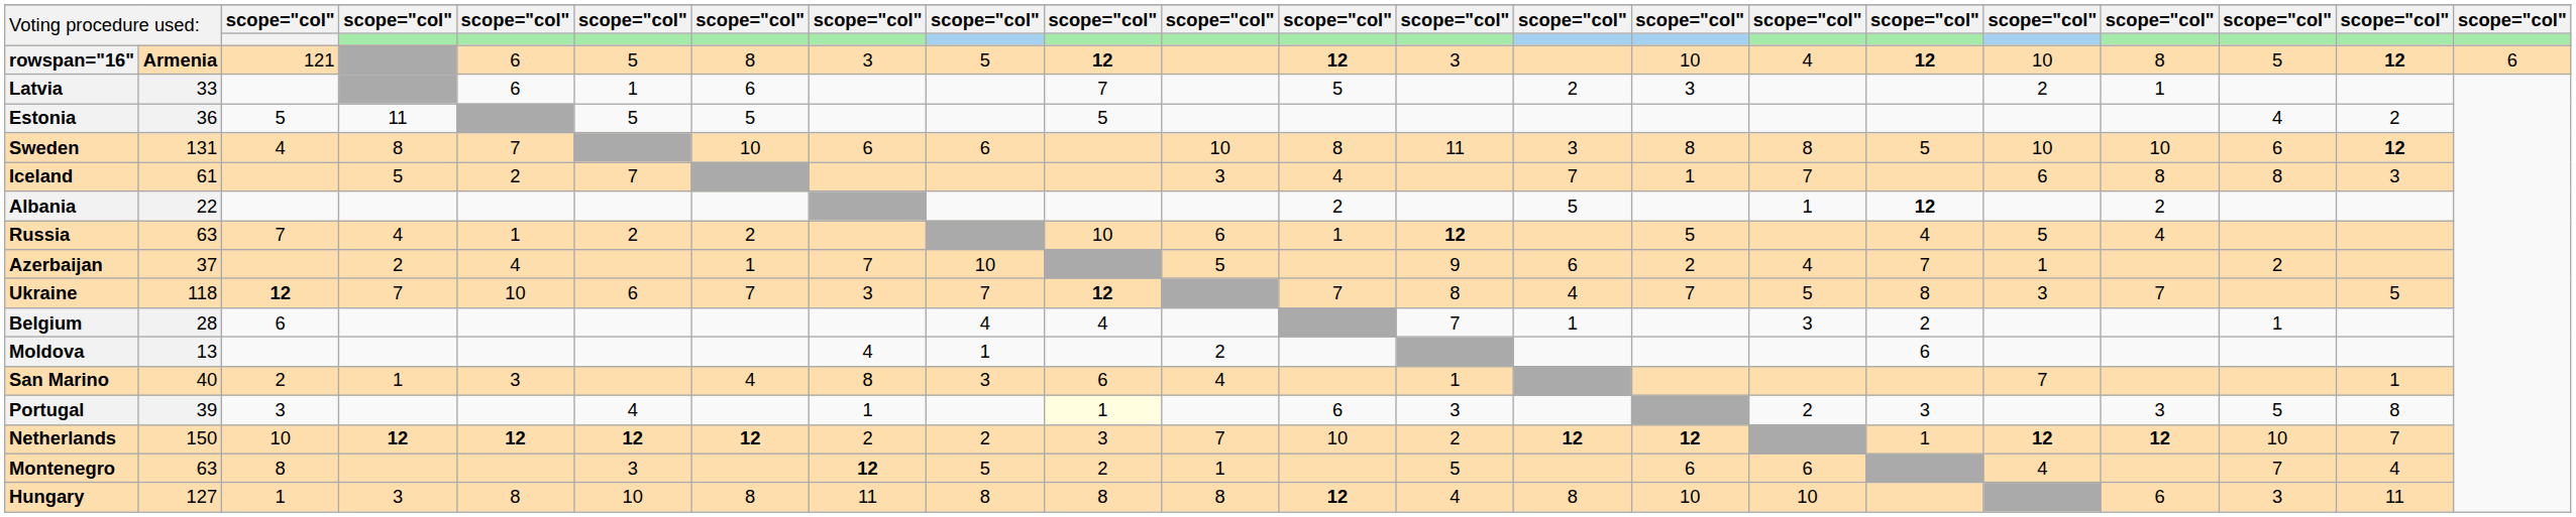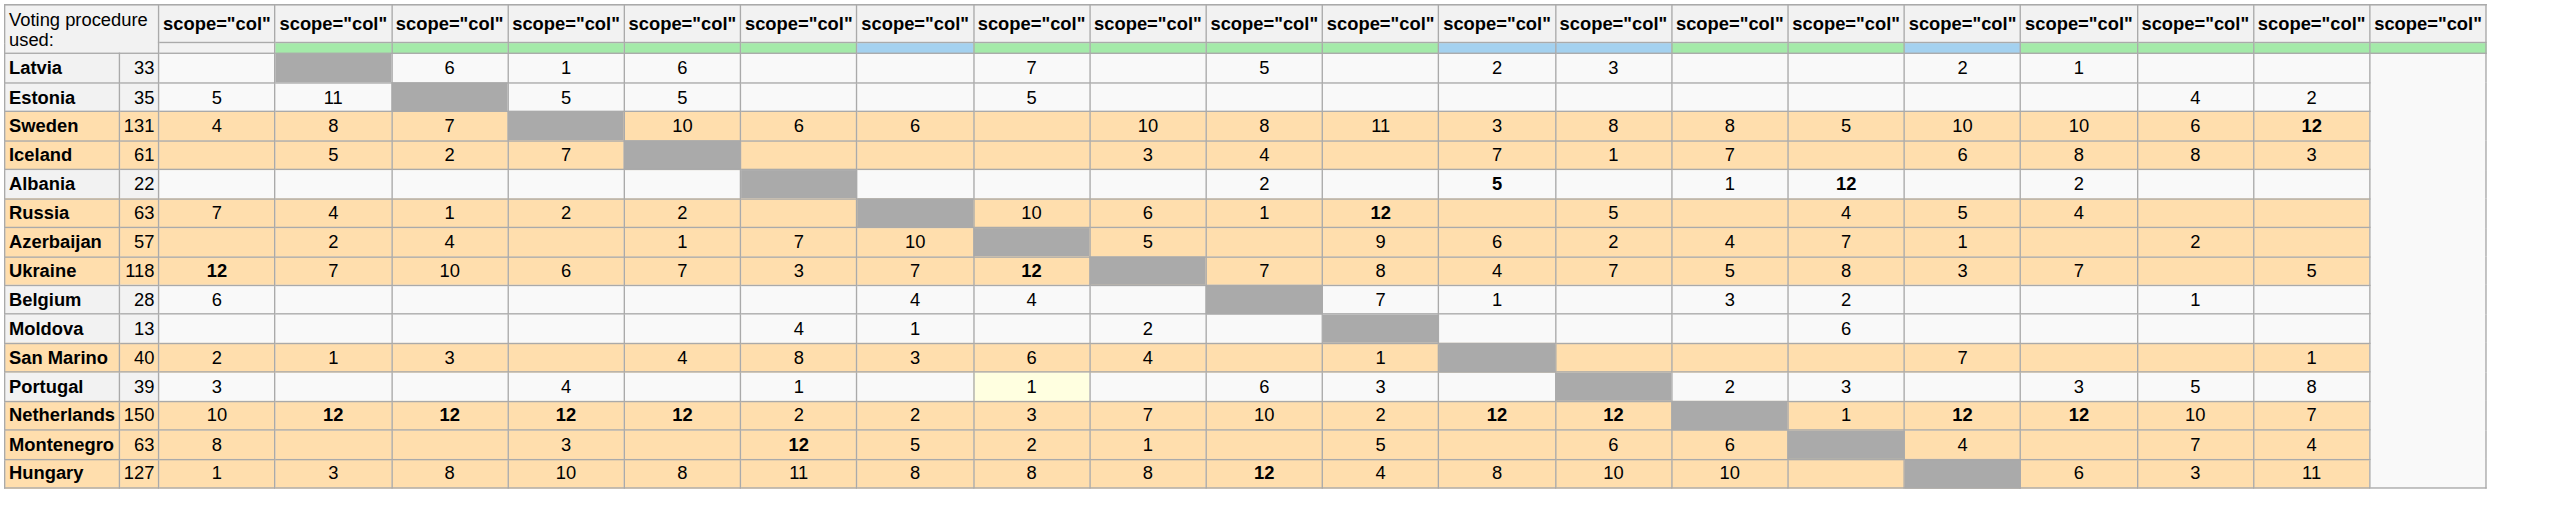 <table class="wikitable plainrowheaders" style="text-align:center; font-size:85%;">
 <tr>
 </tr>
 <tr>
 <td colspan="2" rowspan="2" style="text-align:left; background:#F2F2F2">Voting procedure used:<br></td>
 <th>scope="col" </th>
 <th>scope="col" </th>
 <th>scope="col" </th>
 <th>scope="col" </th>
 <th>scope="col" </th>
 <th>scope="col" </th>
 <th>scope="col" </th>
 <th>scope="col" </th>
 <th>scope="col" </th>
 <th>scope="col" </th>
 <th>scope="col" </th>
 <th>scope="col" </th>
 <th>scope="col" </th>
 <th>scope="col" </th>
 <th>scope="col" </th>
 <th>scope="col" </th>
 <th>scope="col" </th>
 <th>scope="col" </th>
 <th>scope="col" </th>
 <th>scope="col" </th>
 </tr>
 <tr>
 <th style="height:2px; border-top:1px solid transparent;"></th>
 <td style="background:#A4EAA9;"></td>
 <td style="background:#A4EAA9;"></td>
 <td style="background:#A4EAA9;"></td>
 <td style="background:#A4EAA9;"></td>
 <td style="background:#A4EAA9;"></td>
 <td style="background:#A4D1EF;"></td>
 <td style="background:#A4EAA9;"></td>
 <td style="background:#A4EAA9;"></td>
 <td style="background:#A4EAA9;"></td>
 <td style="background:#A4EAA9;"></td>
 <td style="background:#A4D1EF;"></td>
 <td style="background:#A4D1EF;"></td>
 <td style="background:#A4EAA9;"></td>
 <td style="background:#A4EAA9;"></td>
 <td style="background:#A4D1EF;"></td>
 <td style="background:#A4EAA9;"></td>
 <td style="background:#A4EAA9;"></td>
 <td style="background:#A4EAA9;"></td>
 <td style="background:#A4EAA9;"></td>
 </tr>
-<tr style="background:#ffdead;">
-<th>rowspan="16" </th>
-<th scope="row" style="text-align:left; font-weight:bold; background:#ffdead;">Armenia</th>
-<td style="text-align:right;">121</td>
-<td style="text-align:left; background:#aaa;"></td>
-<td>6</td>
-<td>5</td>
-<td>8</td>
-<td>3</td>
-<td>5</td>
-<td><strong>12</strong></td>
-<td></td>
-<td><strong>12</strong></td>
-<td>3</td>
-<td></td>
-<td>10</td>
-<td>4</td>
-<td><strong>12</strong></td>
-<td>10</td>
-<td>8</td>
-<td>5</td>
-<td><strong>12</strong></td>
-<td>6</td>
-</tr>
 <tr>
 <th scope="row" style="text-align:left; background:#f2f2f2;">Latvia</th>
 <td style="text-align:right; background:#f2f2f2;">33</td>
 <td></td>
 <td style="text-align:left; background:#aaa;"></td>
 <td>6</td>
 <td>1</td>
 <td>6</td>
 <td></td>
 <td></td>
 <td>7</td>
 <td></td>
 <td>5</td>
 <td></td>
 <td>2</td>
 <td>3</td>
 <td></td>
 <td></td>
 <td>2</td>
 <td>1</td>
 <td></td>
 <td></td>
 </tr>
 <tr>
 <th scope="row" style="text-align:left; background:#f2f2f2;">Estonia</th>
-<td style="text-align:right; background:#f2f2f2;">36</td>
+<td style="text-align:right; background:#f2f2f2;">35</td>
 <td>5</td>
 <td>11</td>
 <td style="text-align:left; background:#aaa;"></td>
 <td>5</td>
 <td>5</td>
 <td></td>
 <td></td>
 <td>5</td>
 <td></td>
 <td></td>
 <td></td>
 <td></td>
 <td></td>
 <td></td>
 <td></td>
 <td></td>
 <td></td>
 <td>4</td>
 <td>2</td>
 </tr>
 <tr style="background:#ffdead;">
 <th scope="row" style="text-align:left; font-weight:bold; background:#ffdead;">Sweden</th>
 <td style="text-align:right;">131</td>
 <td>4</td>
 <td>8</td>
 <td>7</td>
 <td style="text-align:left; background:#aaa;"></td>
 <td>10</td>
 <td>6</td>
 <td>6</td>
 <td></td>
 <td>10</td>
 <td>8</td>
 <td>11</td>
 <td>3</td>
 <td>8</td>
 <td>8</td>
 <td>5</td>
 <td>10</td>
 <td>10</td>
 <td>6</td>
 <td><strong>12</strong></td>
 </tr>
 <tr style="background:#ffdead;">
 <th scope="row" style="text-align:left; font-weight:bold; background:#ffdead;">Iceland</th>
 <td style="text-align:right;">61</td>
 <td></td>
 <td>5</td>
 <td>2</td>
 <td>7</td>
 <td style="text-align:left; background:#aaa;"></td>
 <td></td>
 <td></td>
 <td></td>
 <td>3</td>
 <td>4</td>
 <td></td>
 <td>7</td>
 <td>1</td>
 <td>7</td>
 <td></td>
 <td>6</td>
 <td>8</td>
 <td>8</td>
 <td>3</td>
 </tr>
 <tr>
 <th scope="row" style="text-align:left; background:#f2f2f2;">Albania</th>
 <td style="text-align:right; background:#f2f2f2;">22</td>
 <td></td>
 <td></td>
 <td></td>
 <td></td>
 <td></td>
 <td style="text-align:left; background:#aaa;"></td>
 <td></td>
 <td></td>
 <td></td>
 <td>2</td>
 <td></td>
-<td>5</td>
+<td><strong>5</strong></td>
 <td></td>
 <td>1</td>
 <td><strong>12</strong></td>
 <td></td>
 <td>2</td>
 <td></td>
 <td></td>
 </tr>
 <tr style="background:#ffdead;">
 <th scope="row" style="text-align:left; font-weight:bold; background:#ffdead;">Russia</th>
 <td style="text-align:right;">63</td>
 <td>7</td>
 <td>4</td>
 <td>1</td>
 <td>2</td>
 <td>2</td>
 <td></td>
 <td style="text-align:left; background:#aaa;"></td>
 <td>10</td>
 <td>6</td>
 <td>1</td>
 <td><strong>12</strong></td>
 <td></td>
 <td>5</td>
 <td></td>
 <td>4</td>
 <td>5</td>
 <td>4</td>
 <td></td>
 <td></td>
 </tr>
 <tr style="background:#ffdead;">
 <th scope="row" style="text-align:left; font-weight:bold; background:#ffdead;">Azerbaijan</th>
-<td style="text-align:right;">37</td>
+<td style="text-align:right;">57</td>
 <td></td>
 <td>2</td>
 <td>4</td>
 <td></td>
 <td>1</td>
 <td>7</td>
 <td>10</td>
 <td style="text-align:left; background:#aaa;"></td>
 <td>5</td>
 <td></td>
 <td>9</td>
 <td>6</td>
 <td>2</td>
 <td>4</td>
 <td>7</td>
 <td>1</td>
 <td></td>
 <td>2</td>
 <td></td>
 </tr>
 <tr style="background:#ffdead;">
 <th scope="row" style="text-align:left; font-weight:bold; background:#ffdead;">Ukraine</th>
 <td style="text-align:right;">118</td>
 <td><strong>12</strong></td>
 <td>7</td>
 <td>10</td>
 <td>6</td>
 <td>7</td>
 <td>3</td>
 <td>7</td>
 <td><strong>12</strong></td>
 <td style="text-align:left; background:#aaa;"></td>
 <td>7</td>
 <td>8</td>
 <td>4</td>
 <td>7</td>
 <td>5</td>
 <td>8</td>
 <td>3</td>
 <td>7</td>
 <td></td>
 <td>5</td>
 </tr>
 <tr>
 <th scope="row" style="text-align:left; background:#f2f2f2;">Belgium</th>
 <td style="text-align:right; background:#f2f2f2;">28</td>
 <td>6</td>
 <td></td>
 <td></td>
 <td></td>
 <td></td>
 <td></td>
 <td>4</td>
 <td>4</td>
 <td></td>
 <td style="text-align:left; background:#aaa;"></td>
 <td>7</td>
 <td>1</td>
 <td></td>
 <td>3</td>
 <td>2</td>
 <td></td>
 <td></td>
 <td>1</td>
 <td></td>
 </tr>
 <tr>
 <th scope="row" style="text-align:left; background:#f2f2f2;">Moldova</th>
 <td style="text-align:right; background:#f2f2f2;">13</td>
 <td></td>
 <td></td>
 <td></td>
 <td></td>
 <td></td>
 <td>4</td>
 <td>1</td>
 <td></td>
 <td>2</td>
 <td></td>
 <td style="text-align:left; background:#aaa;"></td>
 <td></td>
 <td></td>
 <td></td>
 <td>6</td>
 <td></td>
 <td></td>
 <td></td>
 <td></td>
 </tr>
 <tr style="background:#ffdead;">
 <th scope="row" style="text-align:left; font-weight:bold; background:#ffdead;">San Marino</th>
 <td style="text-align:right;">40</td>
 <td>2</td>
 <td>1</td>
 <td>3</td>
 <td></td>
 <td>4</td>
 <td>8</td>
 <td>3</td>
 <td>6</td>
 <td>4</td>
 <td></td>
 <td>1</td>
 <td style="text-align:left; background:#aaa;"></td>
 <td></td>
 <td></td>
 <td></td>
 <td>7</td>
 <td></td>
 <td></td>
 <td>1</td>
 </tr>
 <tr>
 <th scope="row" style="text-align:left; background:#f2f2f2;">Portugal</th>
 <td style="text-align:right; background:#f2f2f2;">39</td>
 <td>3</td>
 <td></td>
 <td></td>
 <td>4</td>
 <td></td>
 <td>1</td>
 <td></td>
 <td style="background: lightyellow;">1</td>
 <td></td>
 <td>6</td>
 <td>3</td>
 <td></td>
 <td style="text-align:left; background:#aaa;"></td>
 <td>2</td>
 <td>3</td>
 <td></td>
 <td>3</td>
 <td>5</td>
 <td>8</td>
 </tr>
 <tr style="background:#ffdead;">
 <th scope="row" style="text-align:left; font-weight:bold; background:#ffdead;">Netherlands</th>
 <td style="text-align:right;">150</td>
 <td>10</td>
 <td><strong>12</strong></td>
 <td><strong>12</strong></td>
 <td><strong>12</strong></td>
 <td><strong>12</strong></td>
 <td>2</td>
 <td>2</td>
 <td>3</td>
 <td>7</td>
 <td>10</td>
 <td>2</td>
 <td><strong>12</strong></td>
 <td><strong>12</strong></td>
 <td style="text-align:left; background:#aaa;"></td>
 <td>1</td>
 <td><strong>12</strong></td>
 <td><strong>12</strong></td>
 <td>10</td>
 <td>7</td>
 </tr>
 <tr style="background:#ffdead;">
 <th scope="row" style="text-align:left; font-weight:bold; background:#ffdead;">Montenegro</th>
 <td style="text-align:right;">63</td>
 <td>8</td>
 <td></td>
 <td></td>
 <td>3</td>
 <td></td>
 <td><strong>12</strong></td>
 <td>5</td>
 <td>2</td>
 <td>1</td>
 <td></td>
 <td>5</td>
 <td></td>
 <td>6</td>
 <td>6</td>
 <td style="text-align:left; background:#aaa;"></td>
 <td>4</td>
 <td></td>
 <td>7</td>
 <td>4</td>
 </tr>
 <tr style="background:#ffdead;">
 <th scope="row" style="text-align:left; font-weight:bold; background:#ffdead;">Hungary</th>
 <td style="text-align:right;">127</td>
 <td>1</td>
 <td>3</td>
 <td>8</td>
 <td>10</td>
 <td>8</td>
 <td>11</td>
 <td>8</td>
 <td>8</td>
 <td>8</td>
 <td><strong>12</strong></td>
 <td>4</td>
 <td>8</td>
 <td>10</td>
 <td>10</td>
 <td></td>
 <td style="text-align:left; background:#aaa;"></td>
 <td>6</td>
 <td>3</td>
 <td>11</td>
 </tr>
 </table>
